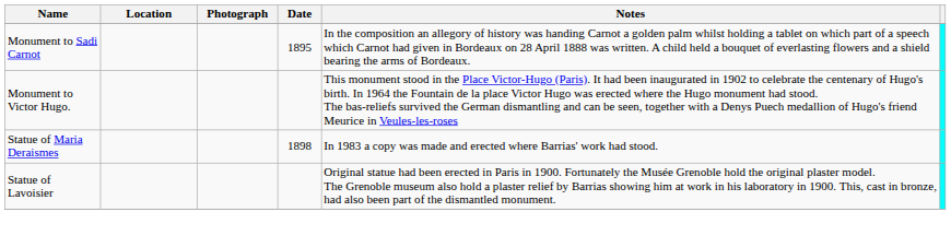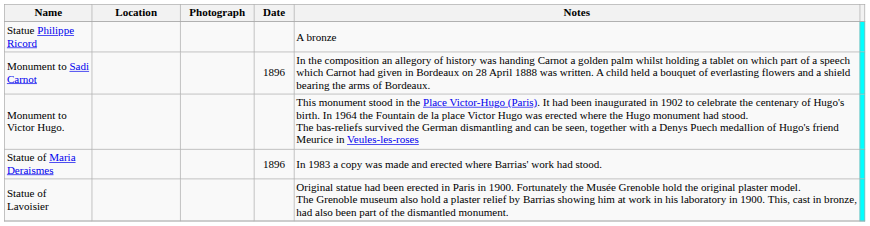 <table class="wikitable sortable plainrowheaders">
 <tr>
 <th scope="col" style="width:120px">Name</th>
 <th scope="col" style="width:120px">Location</th>
 <th scope="col" style="width:100px" class="unsortable">Photograph</th>
 <th scope="col" style="width:50px">Date</th>
 <th scope="col" class="unsortable">Notes</th>
 <th scope="col" class="unsortable"></th>
 </tr>
 <tr>
 </tr>
 <tr>
+<td>Statue <a href='#'>Philippe Ricord</a></td>
+<td></td>
+<td></td>
+<td align="center"></td>
+<td>A bronze</td>
+<th style="background: cyan"></th>
+</tr>
+<tr>
 <td>Monument to <a href='#'>Sadi Carnot</a></td>
 <td></td>
 <td></td>
-<td align="center">1895</td>
+<td align="center">1896</td>
 <td>In the composition an allegory of history was handing Carnot a golden palm whilst holding a tablet on which part of a speech which Carnot had given in Bordeaux on 28 April 1888 was written. A child held a bouquet of everlasting flowers and a shield bearing the arms of Bordeaux.</td>
 <th style="background: cyan"></th>
 </tr>
 <tr>
 <td>Monument to Victor Hugo.</td>
 <td></td>
 <td></td>
 <td></td>
 <td>This monument stood in the <a href='#'>Place Victor-Hugo (Paris)</a>. It had been inaugurated in 1902 to celebrate the centenary of Hugo's birth. In 1964 the Fountain de la place Victor Hugo was erected where the Hugo monument had stood.<br>The bas-reliefs survived the German dismantling and can be seen, together with a Denys Puech medallion of Hugo's friend Meurice in <a href='#'>Veules-les-roses</a> </td>
 <th style="background: cyan"></th>
 </tr>
 <tr>
 <td>Statue of <a href='#'>Maria Deraismes</a></td>
 <td></td>
 <td></td>
-<td align="center">1898</td>
+<td align="center">1896</td>
 <td>In 1983 a copy was made and erected where Barrias' work had stood.</td>
 <th style="background: cyan"></th>
 </tr>
 <tr>
 <td>Statue of Lavoisier</td>
 <td></td>
 <td></td>
 <td></td>
 <td>Original statue had been erected in Paris in 1900. Fortunately the Musée Grenoble hold the original plaster model.<br> The Grenoble museum also hold a plaster relief by Barrias showing him at work in his laboratory in 1900. This, cast in bronze, had also been part of the dismantled monument.</td>
 <th style="background: cyan"></th>
 </tr>
 <tr>
 </tr>
 </table>
